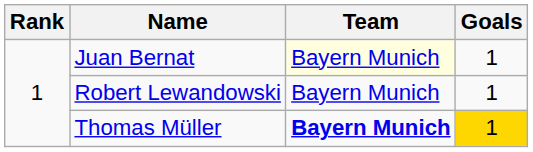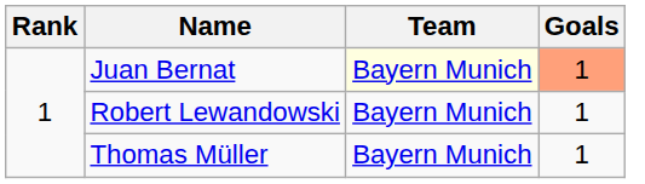 <table class="wikitable" style="text-align: center;">
 <tr>
 <th>Rank</th>
 <th>Name</th>
 <th>Team</th>
 <th>Goals</th>
 </tr>
 <tr>
 <td rowspan="3">1</td>
 <td align="left"> <a href='#'>Juan Bernat</a></td>
 <td align="left" style="background: lightyellow;"><a href='#'>Bayern Munich</a></td>
-<td>1</td>
+<td style="background: lightsalmon;">1</td>
 </tr>
 <tr>
 <td align="left"> <a href='#'>Robert Lewandowski</a></td>
 <td align="left"><a href='#'>Bayern Munich</a></td>
 <td>1</td>
 </tr>
 <tr>
 <td align="left"> <a href='#'>Thomas Müller</a></td>
-<td align="left"><strong><a href='#'>Bayern Munich</a></strong></td>
-<td style="background: gold;">1</td>
+<td align="left"><a href='#'>Bayern Munich</a></td>
+<td>1</td>
 </tr>
 </table>
